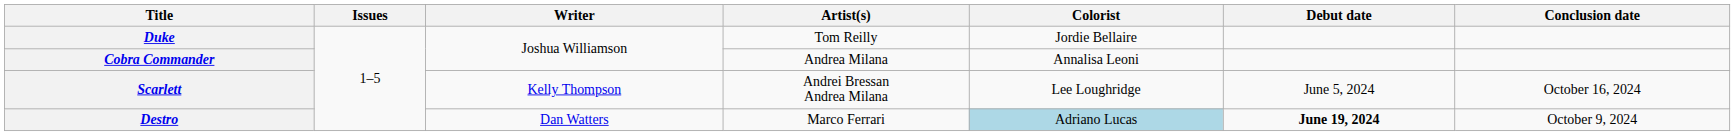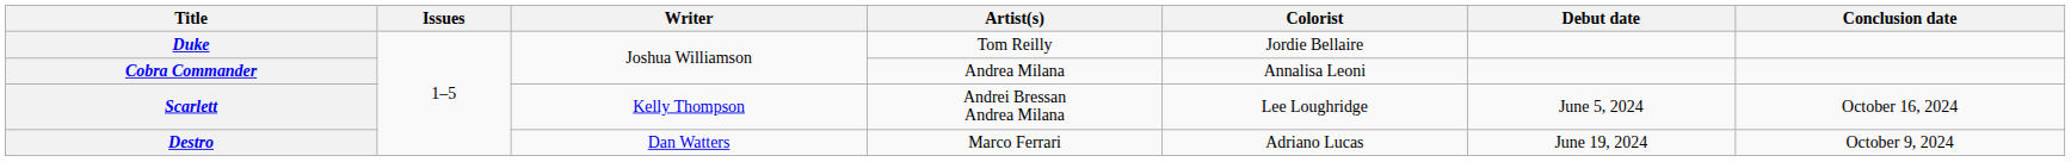 <table class="wikitable" width="100%" style="text-align: center;">
 <tr>
 <th scope="col">Title</th>
 <th scope="col">Issues</th>
 <th scope="col">Writer</th>
 <th scope="col">Artist(s)</th>
 <th scope="col">Colorist</th>
 <th scope="col">Debut date</th>
 <th scope="col">Conclusion date</th>
 </tr>
 <tr>
 <th scope="col"><a href='#'><em>Duke</em></a></th>
 <td rowspan="4">1–5</td>
 <td rowspan="2">Joshua Williamson</td>
 <td>Tom Reilly</td>
 <td>Jordie Bellaire</td>
 <td></td>
 <td></td>
 </tr>
 <tr>
 <th scope="col"><em><a href='#'>Cobra Commander</a></em></th>
 <td>Andrea Milana</td>
 <td>Annalisa Leoni</td>
 <td></td>
 <td></td>
 </tr>
 <tr>
 <th scope="col"><a href='#'><em>Scarlett</em></a></th>
 <td><a href='#'>Kelly Thompson</a></td>
 <td>Andrei Bressan<br>Andrea Milana</td>
 <td>Lee Loughridge</td>
 <td>June 5, 2024</td>
 <td>October 16, 2024</td>
 </tr>
 <tr>
 <th scope="col"><em><a href='#'>Destro</a></em></th>
 <td><a href='#'>Dan Watters</a></td>
 <td>Marco Ferrari</td>
-<td style="background: lightblue;">Adriano Lucas</td>
-<td><strong>June 19, 2024</strong></td>
+<td>Adriano Lucas</td>
+<td>June 19, 2024</td>
 <td>October 9, 2024</td>
 </tr>
 </table>
